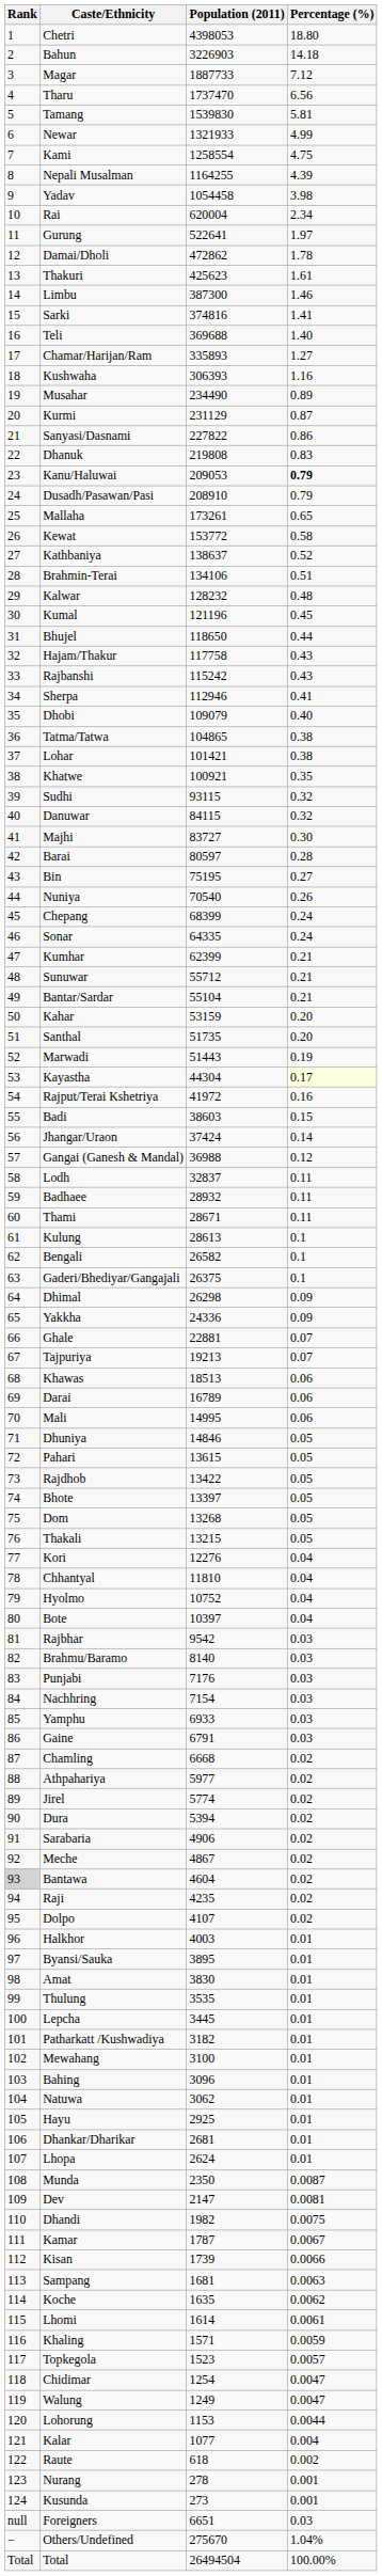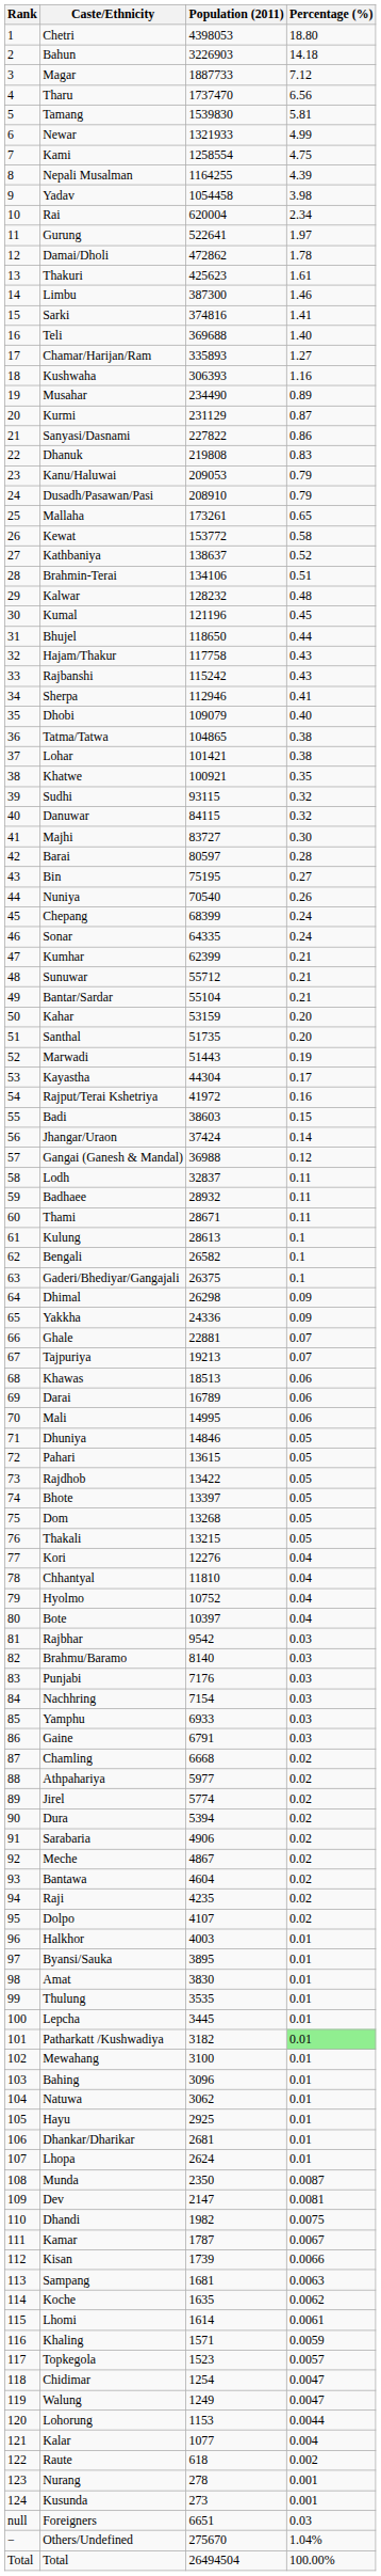 <table class="wikitable">
 <tr>
 <th>Rank</th>
 <th>Caste/Ethnicity</th>
 <th>Population (2011)</th>
 <th>Percentage (%)</th>
 </tr>
 <tr>
 <td>1</td>
 <td>Chetri</td>
 <td>4398053</td>
 <td>18.80</td>
 </tr>
 <tr>
 <td>2</td>
 <td>Bahun</td>
 <td>3226903</td>
 <td>14.18</td>
 </tr>
 <tr>
 <td>3</td>
 <td>Magar</td>
 <td>1887733</td>
 <td>7.12</td>
 </tr>
 <tr>
 <td>4</td>
 <td>Tharu</td>
 <td>1737470</td>
 <td>6.56</td>
 </tr>
 <tr>
 <td>5</td>
 <td>Tamang</td>
 <td>1539830</td>
 <td>5.81</td>
 </tr>
 <tr>
 <td>6</td>
 <td>Newar</td>
 <td>1321933</td>
 <td>4.99</td>
 </tr>
 <tr>
 <td>7</td>
 <td>Kami</td>
 <td>1258554</td>
 <td>4.75</td>
 </tr>
 <tr>
 <td>8</td>
 <td>Nepali Musalman</td>
 <td>1164255</td>
 <td>4.39</td>
 </tr>
 <tr>
 <td>9</td>
 <td>Yadav</td>
 <td>1054458</td>
 <td>3.98</td>
 </tr>
 <tr>
 <td>10</td>
 <td>Rai</td>
 <td>620004</td>
 <td>2.34</td>
 </tr>
 <tr>
 <td>11</td>
 <td>Gurung</td>
 <td>522641</td>
 <td>1.97</td>
 </tr>
 <tr>
 <td>12</td>
 <td>Damai/Dholi</td>
 <td>472862</td>
 <td>1.78</td>
 </tr>
 <tr>
 <td>13</td>
 <td>Thakuri</td>
 <td>425623</td>
 <td>1.61</td>
 </tr>
 <tr>
 <td>14</td>
 <td>Limbu</td>
 <td>387300</td>
 <td>1.46</td>
 </tr>
 <tr>
 <td>15</td>
 <td>Sarki</td>
 <td>374816</td>
 <td>1.41</td>
 </tr>
 <tr>
 <td>16</td>
 <td>Teli</td>
 <td>369688</td>
 <td>1.40</td>
 </tr>
 <tr>
 <td>17</td>
 <td>Chamar/Harijan/Ram</td>
 <td>335893</td>
 <td>1.27</td>
 </tr>
 <tr>
 <td>18</td>
 <td>Kushwaha</td>
 <td>306393</td>
 <td>1.16</td>
 </tr>
 <tr>
 <td>19</td>
 <td>Musahar</td>
 <td>234490</td>
 <td>0.89</td>
 </tr>
 <tr>
 <td>20</td>
 <td>Kurmi</td>
 <td>231129</td>
 <td>0.87</td>
 </tr>
 <tr>
 <td>21</td>
 <td>Sanyasi/Dasnami</td>
 <td>227822</td>
 <td>0.86</td>
 </tr>
 <tr>
 <td>22</td>
 <td>Dhanuk</td>
 <td>219808</td>
 <td>0.83</td>
 </tr>
 <tr>
 <td>23</td>
 <td>Kanu/Haluwai</td>
 <td>209053</td>
-<td><strong>0.79</strong></td>
+<td>0.79</td>
 </tr>
 <tr>
 <td>24</td>
 <td>Dusadh/Pasawan/Pasi</td>
 <td>208910</td>
 <td>0.79</td>
 </tr>
 <tr>
 <td>25</td>
 <td>Mallaha</td>
 <td>173261</td>
 <td>0.65</td>
 </tr>
 <tr>
 <td>26</td>
 <td>Kewat</td>
 <td>153772</td>
 <td>0.58</td>
 </tr>
 <tr>
 <td>27</td>
 <td>Kathbaniya</td>
 <td>138637</td>
 <td>0.52</td>
 </tr>
 <tr>
 <td>28</td>
 <td>Brahmin-Terai</td>
 <td>134106</td>
 <td>0.51</td>
 </tr>
 <tr>
 <td>29</td>
 <td>Kalwar</td>
 <td>128232</td>
 <td>0.48</td>
 </tr>
 <tr>
 <td>30</td>
 <td>Kumal</td>
 <td>121196</td>
 <td>0.45</td>
 </tr>
 <tr>
 <td>31</td>
 <td>Bhujel</td>
 <td>118650</td>
 <td>0.44</td>
 </tr>
 <tr>
 <td>32</td>
 <td>Hajam/Thakur</td>
 <td>117758</td>
 <td>0.43</td>
 </tr>
 <tr>
 <td>33</td>
 <td>Rajbanshi</td>
 <td>115242</td>
 <td>0.43</td>
 </tr>
 <tr>
 <td>34</td>
 <td>Sherpa</td>
 <td>112946</td>
 <td>0.41</td>
 </tr>
 <tr>
 <td>35</td>
 <td>Dhobi</td>
 <td>109079</td>
 <td>0.40</td>
 </tr>
 <tr>
 <td>36</td>
 <td>Tatma/Tatwa</td>
 <td>104865</td>
 <td>0.38</td>
 </tr>
 <tr>
 <td>37</td>
 <td>Lohar</td>
 <td>101421</td>
 <td>0.38</td>
 </tr>
 <tr>
 <td>38</td>
 <td>Khatwe</td>
 <td>100921</td>
 <td>0.35</td>
 </tr>
 <tr>
 <td>39</td>
 <td>Sudhi</td>
 <td>93115</td>
 <td>0.32</td>
 </tr>
 <tr>
 <td>40</td>
 <td>Danuwar</td>
 <td>84115</td>
 <td>0.32</td>
 </tr>
 <tr>
 <td>41</td>
 <td>Majhi</td>
 <td>83727</td>
 <td>0.30</td>
 </tr>
 <tr>
 <td>42</td>
 <td>Barai</td>
 <td>80597</td>
 <td>0.28</td>
 </tr>
 <tr>
 <td>43</td>
 <td>Bin</td>
 <td>75195</td>
 <td>0.27</td>
 </tr>
 <tr>
 <td>44</td>
 <td>Nuniya</td>
 <td>70540</td>
 <td>0.26</td>
 </tr>
 <tr>
 <td>45</td>
 <td>Chepang</td>
 <td>68399</td>
 <td>0.24</td>
 </tr>
 <tr>
 <td>46</td>
 <td>Sonar</td>
 <td>64335</td>
 <td>0.24</td>
 </tr>
 <tr>
 <td>47</td>
 <td>Kumhar</td>
 <td>62399</td>
 <td>0.21</td>
 </tr>
 <tr>
 <td>48</td>
 <td>Sunuwar</td>
 <td>55712</td>
 <td>0.21</td>
 </tr>
 <tr>
 <td>49</td>
 <td>Bantar/Sardar</td>
 <td>55104</td>
 <td>0.21</td>
 </tr>
 <tr>
 <td>50</td>
 <td>Kahar</td>
 <td>53159</td>
 <td>0.20</td>
 </tr>
 <tr>
 <td>51</td>
 <td>Santhal</td>
 <td>51735</td>
 <td>0.20</td>
 </tr>
 <tr>
 <td>52</td>
 <td>Marwadi</td>
 <td>51443</td>
 <td>0.19</td>
 </tr>
 <tr>
 <td>53</td>
 <td>Kayastha</td>
 <td>44304</td>
-<td style="background: lightyellow;">0.17</td>
+<td>0.17</td>
 </tr>
 <tr>
 <td>54</td>
 <td>Rajput/Terai Kshetriya</td>
 <td>41972</td>
 <td>0.16</td>
 </tr>
 <tr>
 <td>55</td>
 <td>Badi</td>
 <td>38603</td>
 <td>0.15</td>
 </tr>
 <tr>
 <td>56</td>
 <td>Jhangar/Uraon</td>
 <td>37424</td>
 <td>0.14</td>
 </tr>
 <tr>
 <td>57</td>
 <td>Gangai (Ganesh & Mandal)</td>
 <td>36988</td>
 <td>0.12</td>
 </tr>
 <tr>
 <td>58</td>
 <td>Lodh</td>
 <td>32837</td>
 <td>0.11</td>
 </tr>
 <tr>
 <td>59</td>
 <td>Badhaee</td>
 <td>28932</td>
 <td>0.11</td>
 </tr>
 <tr>
 <td>60</td>
 <td>Thami</td>
 <td>28671</td>
 <td>0.11</td>
 </tr>
 <tr>
 <td>61</td>
 <td>Kulung</td>
 <td>28613</td>
 <td>0.1</td>
 </tr>
 <tr>
 <td>62</td>
 <td>Bengali</td>
 <td>26582</td>
 <td>0.1</td>
 </tr>
 <tr>
 <td>63</td>
 <td>Gaderi/Bhediyar/Gangajali</td>
 <td>26375</td>
 <td>0.1</td>
 </tr>
 <tr>
 <td>64</td>
 <td>Dhimal</td>
 <td>26298</td>
 <td>0.09</td>
 </tr>
 <tr>
 <td>65</td>
 <td>Yakkha</td>
 <td>24336</td>
 <td>0.09</td>
 </tr>
 <tr>
 <td>66</td>
 <td>Ghale</td>
 <td>22881</td>
 <td>0.07</td>
 </tr>
 <tr>
 <td>67</td>
 <td>Tajpuriya</td>
 <td>19213</td>
 <td>0.07</td>
 </tr>
 <tr>
 <td>68</td>
 <td>Khawas</td>
 <td>18513</td>
 <td>0.06</td>
 </tr>
 <tr>
 <td>69</td>
 <td>Darai</td>
 <td>16789</td>
 <td>0.06</td>
 </tr>
 <tr>
 <td>70</td>
 <td>Mali</td>
 <td>14995</td>
 <td>0.06</td>
 </tr>
 <tr>
 <td>71</td>
 <td>Dhuniya</td>
 <td>14846</td>
 <td>0.05</td>
 </tr>
 <tr>
 <td>72</td>
 <td>Pahari</td>
 <td>13615</td>
 <td>0.05</td>
 </tr>
 <tr>
 <td>73</td>
 <td>Rajdhob</td>
 <td>13422</td>
 <td>0.05</td>
 </tr>
 <tr>
 <td>74</td>
 <td>Bhote</td>
 <td>13397</td>
 <td>0.05</td>
 </tr>
 <tr>
 <td>75</td>
 <td>Dom</td>
 <td>13268</td>
 <td>0.05</td>
 </tr>
 <tr>
 <td>76</td>
 <td>Thakali</td>
 <td>13215</td>
 <td>0.05</td>
 </tr>
 <tr>
 <td>77</td>
 <td>Kori</td>
 <td>12276</td>
 <td>0.04</td>
 </tr>
 <tr>
 <td>78</td>
 <td>Chhantyal</td>
 <td>11810</td>
 <td>0.04</td>
 </tr>
 <tr>
 <td>79</td>
 <td>Hyolmo</td>
 <td>10752</td>
 <td>0.04</td>
 </tr>
 <tr>
 <td>80</td>
 <td>Bote</td>
 <td>10397</td>
 <td>0.04</td>
 </tr>
 <tr>
 <td>81</td>
 <td>Rajbhar</td>
 <td>9542</td>
 <td>0.03</td>
 </tr>
 <tr>
 <td>82</td>
 <td>Brahmu/Baramo</td>
 <td>8140</td>
 <td>0.03</td>
 </tr>
 <tr>
 <td>83</td>
 <td>Punjabi</td>
 <td>7176</td>
 <td>0.03</td>
 </tr>
 <tr>
 <td>84</td>
 <td>Nachhring</td>
 <td>7154</td>
 <td>0.03</td>
 </tr>
 <tr>
 <td>85</td>
 <td>Yamphu</td>
 <td>6933</td>
 <td>0.03</td>
 </tr>
 <tr>
 <td>86</td>
 <td>Gaine</td>
 <td>6791</td>
 <td>0.03</td>
 </tr>
 <tr>
 <td>87</td>
 <td>Chamling</td>
 <td>6668</td>
 <td>0.02</td>
 </tr>
 <tr>
 <td>88</td>
 <td>Athpahariya</td>
 <td>5977</td>
 <td>0.02</td>
 </tr>
 <tr>
 <td>89</td>
 <td>Jirel</td>
 <td>5774</td>
 <td>0.02</td>
 </tr>
 <tr>
 <td>90</td>
 <td>Dura</td>
 <td>5394</td>
 <td>0.02</td>
 </tr>
 <tr>
 <td>91</td>
 <td>Sarabaria</td>
 <td>4906</td>
 <td>0.02</td>
 </tr>
 <tr>
 <td>92</td>
 <td>Meche</td>
 <td>4867</td>
 <td>0.02</td>
 </tr>
 <tr>
-<td style="background: lightgrey;">93</td>
+<td>93</td>
 <td>Bantawa</td>
 <td>4604</td>
 <td>0.02</td>
 </tr>
 <tr>
 <td>94</td>
 <td>Raji</td>
 <td>4235</td>
 <td>0.02</td>
 </tr>
 <tr>
 <td>95</td>
 <td>Dolpo</td>
 <td>4107</td>
 <td>0.02</td>
 </tr>
 <tr>
 <td>96</td>
 <td>Halkhor</td>
 <td>4003</td>
 <td>0.01</td>
 </tr>
 <tr>
 <td>97</td>
 <td>Byansi/Sauka</td>
 <td>3895</td>
 <td>0.01</td>
 </tr>
 <tr>
 <td>98</td>
 <td>Amat</td>
 <td>3830</td>
 <td>0.01</td>
 </tr>
 <tr>
 <td>99</td>
 <td>Thulung</td>
 <td>3535</td>
 <td>0.01</td>
 </tr>
 <tr>
 <td>100</td>
 <td>Lepcha</td>
 <td>3445</td>
 <td>0.01</td>
 </tr>
 <tr>
 <td>101</td>
 <td>Patharkatt /Kushwadiya</td>
 <td>3182</td>
-<td>0.01</td>
+<td style="background: lightgreen;">0.01</td>
 </tr>
 <tr>
 <td>102</td>
 <td>Mewahang</td>
 <td>3100</td>
 <td>0.01</td>
 </tr>
 <tr>
 <td>103</td>
 <td>Bahing</td>
 <td>3096</td>
 <td>0.01</td>
 </tr>
 <tr>
 <td>104</td>
 <td>Natuwa</td>
 <td>3062</td>
 <td>0.01</td>
 </tr>
 <tr>
 <td>105</td>
 <td>Hayu</td>
 <td>2925</td>
 <td>0.01</td>
 </tr>
 <tr>
 <td>106</td>
 <td>Dhankar/Dharikar</td>
 <td>2681</td>
 <td>0.01</td>
 </tr>
 <tr>
 <td>107</td>
 <td>Lhopa</td>
 <td>2624</td>
 <td>0.01</td>
 </tr>
 <tr>
 <td>108</td>
 <td>Munda</td>
 <td>2350</td>
 <td>0.0087</td>
 </tr>
 <tr>
 <td>109</td>
 <td>Dev</td>
 <td>2147</td>
 <td>0.0081</td>
 </tr>
 <tr>
 <td>110</td>
 <td>Dhandi</td>
 <td>1982</td>
 <td>0.0075</td>
 </tr>
 <tr>
 <td>111</td>
 <td>Kamar</td>
 <td>1787</td>
 <td>0.0067</td>
 </tr>
 <tr>
 <td>112</td>
 <td>Kisan</td>
 <td>1739</td>
 <td>0.0066</td>
 </tr>
 <tr>
 <td>113</td>
 <td>Sampang</td>
 <td>1681</td>
 <td>0.0063</td>
 </tr>
 <tr>
 <td>114</td>
 <td>Koche</td>
 <td>1635</td>
 <td>0.0062</td>
 </tr>
 <tr>
 <td>115</td>
 <td>Lhomi</td>
 <td>1614</td>
 <td>0.0061</td>
 </tr>
 <tr>
 <td>116</td>
 <td>Khaling</td>
 <td>1571</td>
 <td>0.0059</td>
 </tr>
 <tr>
 <td>117</td>
 <td>Topkegola</td>
 <td>1523</td>
 <td>0.0057</td>
 </tr>
 <tr>
 <td>118</td>
 <td>Chidimar</td>
 <td>1254</td>
 <td>0.0047</td>
 </tr>
 <tr>
 <td>119</td>
 <td>Walung</td>
 <td>1249</td>
 <td>0.0047</td>
 </tr>
 <tr>
 <td>120</td>
 <td>Lohorung</td>
 <td>1153</td>
 <td>0.0044</td>
 </tr>
 <tr>
 <td>121</td>
 <td>Kalar</td>
 <td>1077</td>
 <td>0.004</td>
 </tr>
 <tr>
 <td>122</td>
 <td>Raute</td>
 <td>618</td>
 <td>0.002</td>
 </tr>
 <tr>
 <td>123</td>
 <td>Nurang</td>
 <td>278</td>
 <td>0.001</td>
 </tr>
 <tr>
 <td>124</td>
 <td>Kusunda</td>
 <td>273</td>
 <td>0.001</td>
 </tr>
 <tr>
 <td>null</td>
 <td>Foreigners</td>
 <td>6651</td>
 <td>0.03</td>
 </tr>
 <tr>
 <td>−</td>
 <td>Others/Undefined</td>
 <td>275670</td>
 <td>1.04%</td>
 </tr>
 <tr>
 <td>Total</td>
 <td>Total</td>
 <td>26494504</td>
 <td>100.00%</td>
 </tr>
 </table>
